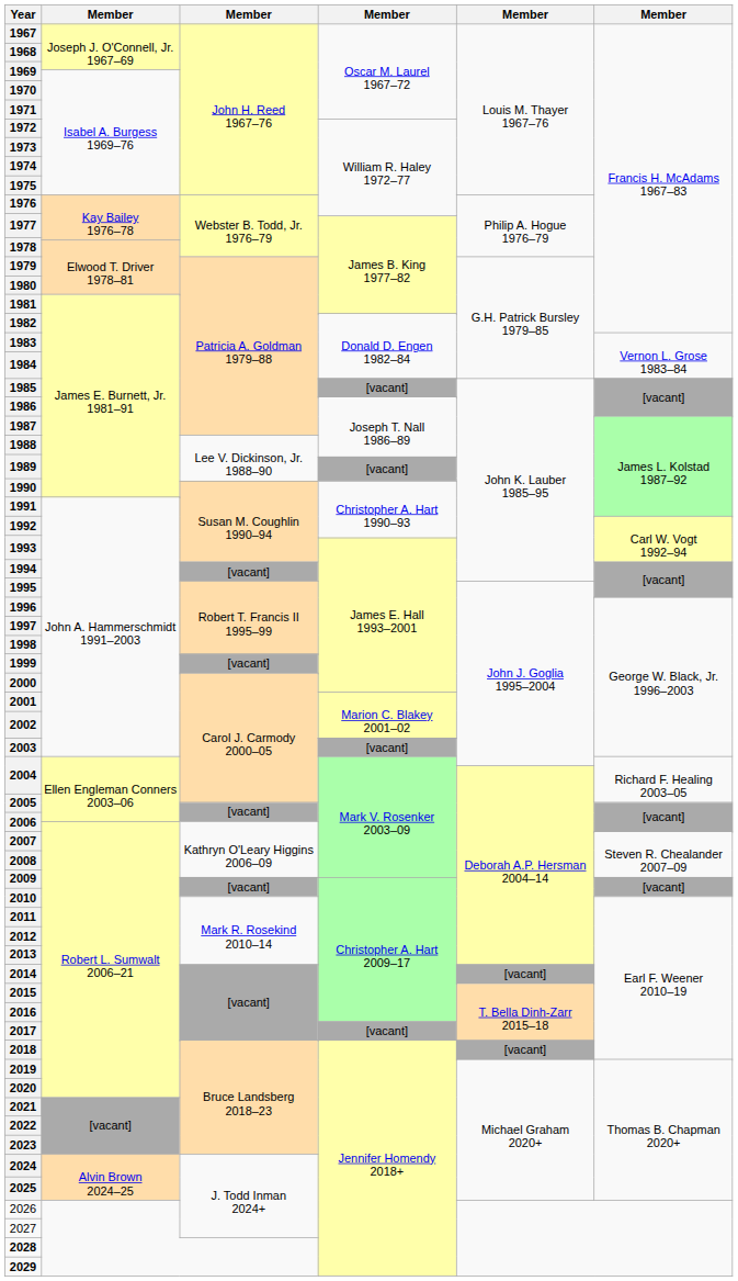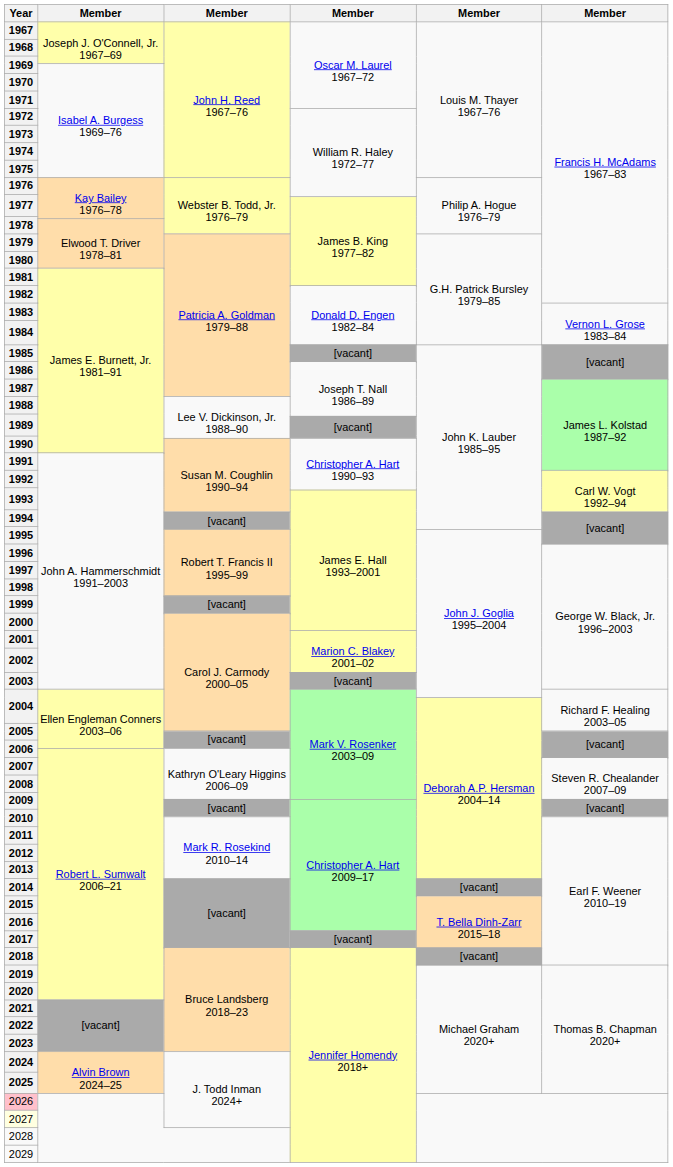 <table class="wikitable sortable mw-collapsible" style="text-align:center;font-size:90%;">
 <tr>
 <th style="width:5%;">Year</th>
 <th style="width:19%;">Member</th>
 <th style="width:19%;">Member</th>
 <th style="width:19%;">Member</th>
 <th style="width:19%;">Member</th>
 <th style="width:19%;">Member</th>
 </tr>
 <tr>
 <th>1967</th>
 <td rowspan=3 style="background:#ffa;"><br>Joseph J. O'Connell, Jr.<br>1967–69</td>
 <td rowspan=12 style="background:#ffa;"><br><a href='#'>John H. Reed</a><br>1967–76</td>
 <td rowspan=7> <br><a href='#'>Oscar M. Laurel</a><br>1967–72</td>
 <td rowspan=12> <br>Louis M. Thayer<br>1967–76</td>
 <td rowspan=25> <br><a href='#'>Francis H. McAdams</a><br>1967–83</td>
 </tr>
 <tr>
 <th>1968</th>
 </tr>
 <tr>
 <th rowspan=2>1969</th>
 </tr>
 <tr>
 <td rowspan=9><br><a href='#'>Isabel A. Burgess</a><br>1969–76</td>
 </tr>
 <tr>
 <th>1970</th>
 </tr>
 <tr>
 <th>1971</th>
 </tr>
 <tr>
 <th rowspan=2>1972</th>
 </tr>
 <tr>
 <td rowspan=7><br>William R. Haley<br>1972–77</td>
 </tr>
 <tr>
 <th>1973</th>
 </tr>
 <tr>
 <th>1974</th>
 </tr>
 <tr>
 <th>1975</th>
 </tr>
 <tr>
 <th rowspan=2>1976</th>
 </tr>
 <tr>
 <td rowspan=4 style="background:#fda;"><br> <a href='#'>Kay Bailey</a><br>1976–78</td>
 <td rowspan=6 style="background:#ffa;"><br>Webster B. Todd, Jr.<br>1976–79</td>
 <td rowspan=6><br>Philip A. Hogue<br>1976–79</td>
 </tr>
 <tr>
 <th rowspan=2>1977</th>
 </tr>
 <tr>
 <td rowspan=9 style="background:#ffa;"><br>James B. King<br>1977–82</td>
 </tr>
 <tr>
 <th rowspan=2>1978</th>
 </tr>
 <tr>
 <td rowspan=5 style="background:#fda;"><br>Elwood T. Driver<br>1978–81</td>
 </tr>
 <tr>
 <th rowspan=2>1979</th>
 </tr>
 <tr>
 <td rowspan=17 style="background:#fda;"><br><a href='#'>Patricia A. Goldman</a><br>1979–88</td>
 <td rowspan=11><br>G.H. Patrick Bursley<br>1979–85</td>
 </tr>
 <tr>
 <th>1980</th>
 </tr>
 <tr>
 <th rowspan=2>1981</th>
 </tr>
 <tr>
 <td rowspan=20 style="background:#ffa;"><br>James E. Burnett, Jr.<br>1981–91</td>
 </tr>
 <tr>
 <th rowspan=2>1982</th>
 </tr>
 <tr>
 <td rowspan=4><br><a href='#'>Donald D. Engen</a><br>1982–84</td>
 </tr>
 <tr>
 <th rowspan=2>1983</th>
 </tr>
 <tr>
 <td rowspan=2><br><a href='#'>Vernon L. Grose</a><br>1983–84</td>
 </tr>
 <tr>
 <th rowspan=2>1984</th>
 </tr>
 <tr>
 <td rowspan=4 style="background:#aaa;">[vacant]</td>
 <td rowspan=6 style="background:#aaa;">[vacant]</td>
 </tr>
 <tr>
 <th rowspan=2>1985</th>
 </tr>
 <tr>
 <td rowspan=20><br>John K. Lauber<br>1985–95</td>
 </tr>
 <tr>
 <th rowspan=2>1986</th>
 </tr>
 <tr>
 <td rowspan=6><br>Joseph T. Nall<br>1986–89</td>
 </tr>
 <tr>
 <th rowspan=2>1987</th>
 </tr>
 <tr>
 <td rowspan=10 style="background:#afa;"><br>James L. Kolstad<br>1987–92</td>
 </tr>
 <tr>
 <th rowspan=2>1988</th>
 </tr>
 <tr>
 <td rowspan=4><br>Lee V. Dickinson, Jr.<br>1988–90</td>
 </tr>
 <tr>
 <th rowspan=2>1989</th>
 </tr>
 <tr>
 <td rowspan=2 style="background:#aaa;">[vacant]</td>
 </tr>
 <tr>
 <th rowspan=2>1990</th>
 </tr>
 <tr>
 <td rowspan=8 style="background:#fda;"><br>Susan M. Coughlin<br>1990–94</td>
 <td rowspan=6><br><a href='#'>Christopher A. Hart</a><br>1990–93</td>
 </tr>
 <tr>
 <th rowspan=2>1991</th>
 </tr>
 <tr>
 <td rowspan=22><br>John A. Hammerschmidt<br>1991–2003</td>
 </tr>
 <tr>
 <th rowspan=2>1992</th>
 </tr>
 <tr>
 <td rowspan=4 style="background:#ffa;"><br>Carl W. Vogt<br>1992–94</td>
 </tr>
 <tr>
 <th rowspan=2>1993</th>
 </tr>
 <tr>
 <td rowspan=14 style="background:#ffa;"><br>James E. Hall<br>1993–2001</td>
 </tr>
 <tr>
 <th rowspan=2>1994</th>
 </tr>
 <tr>
 <td rowspan=2 style="background:#aaa;">[vacant]</td>
 <td rowspan=4 style="background:#aaa;">[vacant]</td>
 </tr>
 <tr>
 <th rowspan=2>1995</th>
 </tr>
 <tr>
 <td rowspan=6 style="background:#fda;"><br>Robert T. Francis II<br>1995–99</td>
 <td rowspan=16><br><a href='#'>John J. Goglia</a><br>1995–2004</td>
 </tr>
 <tr>
 <th rowspan=2>1996</th>
 </tr>
 <tr>
 <td rowspan=12><br>George W. Black, Jr.<br>1996–2003</td>
 </tr>
 <tr>
 <th>1997</th>
 </tr>
 <tr>
 <th>1998</th>
 </tr>
 <tr>
 <th rowspan=2>1999</th>
 </tr>
 <tr>
 <td rowspan=2 style="background:#aaa;">[vacant]</td>
 </tr>
 <tr>
 <th rowspan=2>2000</th>
 </tr>
 <tr>
 <td rowspan=10 style="background:#fda;"><br>Carol J. Carmody<br>2000–05</td>
 </tr>
 <tr>
 <th rowspan=2>2001</th>
 </tr>
 <tr>
 <td rowspan=2 style="background:#ffa;"><br><a href='#'>Marion C. Blakey</a><br>2001–02</td>
 </tr>
 <tr>
 <th rowspan=2>2002</th>
 </tr>
 <tr>
 <td rowspan=2 style="background:#aaa;">[vacant]</td>
 </tr>
 <tr>
 <th rowspan=2>2003</th>
 </tr>
 <tr>
 <td rowspan=6 style="background:#ffa;"><br>Ellen Engleman Conners<br>2003–06</td>
 <td rowspan=11 style="background:#afa;"><br><a href='#'>Mark V. Rosenker</a><br>2003–09</td>
 <td rowspan=4><br>Richard F. Healing<br>2003–05</td>
 </tr>
 <tr>
 <th rowspan=2>2004</th>
 </tr>
 <tr>
 <td rowspan=16 style="background:#ffa;"><br><a href='#'>Deborah A.P. Hersman</a><br>2004–14</td>
 </tr>
 <tr>
 <th rowspan=2>2005</th>
 </tr>
 <tr>
 <td rowspan=2 style="background:#aaa;">[vacant]</td>
 <td rowspan=4 style="background:#aaa;">[vacant]</td>
 </tr>
 <tr>
 <th rowspan=2>2006</th>
 </tr>
 <tr>
 <td rowspan=23 style= "background:#ffa;"><br><a href='#'>Robert L. Sumwalt</a><br>2006–21</td>
 <td rowspan=5><br>Kathryn O'Leary Higgins<br>2006–09</td>
 </tr>
 <tr>
 <th rowspan=2>2007</th>
 </tr>
 <tr>
 <td rowspan=3><br>Steven R. Chealander<br>2007–09</td>
 </tr>
 <tr>
 <th>2008</th>
 </tr>
 <tr>
 <th rowspan=2>2009</th>
 </tr>
 <tr>
 <td rowspan=2 style="background:#aaa;">[vacant]</td>
 <td rowspan=12 style="background:#afa;"><br><a href='#'>Christopher A. Hart</a><br>2009–17</td>
 <td rowspan=2 style="background:#aaa;">[vacant]</td>
 </tr>
 <tr>
 <th rowspan=2>2010</th>
 </tr>
 <tr>
 <td rowspan=5><br><a href='#'>Mark R. Rosekind</a><br>2010–14</td>
 <td rowspan=14><br>Earl F. Weener<br>2010–19</td>
 </tr>
 <tr>
 <th>2011</th>
 </tr>
 <tr>
 <th>2012</th>
 </tr>
 <tr>
 <th>2013</th>
 </tr>
 <tr>
 <th rowspan=2>2014</th>
 </tr>
 <tr>
 <td rowspan=7 style="background:#aaa;">[vacant]</td>
 <td rowspan=2 style="background:#aaa;">[vacant]</td>
 </tr>
 <tr>
 <th rowspan=2>2015</th>
 </tr>
 <tr>
 <td rowspan=5 style="background:#fda;"><br><a href='#'>T. Bella Dinh-Zarr</a><br>2015–18</td>
 </tr>
 <tr>
 <th>2016</th>
 </tr>
 <tr>
 <th rowspan=2>2017</th>
 </tr>
 <tr>
 <td rowspan=2 style="background:#aaa;">[vacant]</td>
 </tr>
 <tr>
 <th rowspan=2>2018</th>
 </tr>
 <tr>
 <td rowspan=7 style="background:#fda;"><br>Bruce Landsberg<br>2018–23</td>
 <td rowspan=13 style= "background:#ffa;"><br><a href='#'>Jennifer Homendy</a><br>2018+</td>
 <td rowspan=2 style="background:#aaa;">[vacant]</td>
 </tr>
 <tr>
 <th rowspan=2>2019</th>
 </tr>
 <tr>
 <td rowspan=7><br>Michael Graham<br>2020+</td>
 <td rowspan=7><br>Thomas B. Chapman<br>2020+</td>
 </tr>
 <tr>
 <th>2020</th>
 </tr>
 <tr>
 <th>2021</th>
 <td rowspan=3 style="background:#aaa;">[vacant]</td>
 </tr>
 <tr>
 <th>2022</th>
 </tr>
 <tr>
 <th>2023</th>
 </tr>
 <tr>
 <th>2024</th>
 <td rowspan=2 style="background:#fda;"><br><a href='#'>Alvin Brown</a><br>2024–25</td>
 <td rowspan=4><br>J. Todd Inman<br>2024+</td>
 </tr>
 <tr>
 <th>2025</th>
 </tr>
 <tr>
-<td>2026</td>
+<td style="background: pink;">2026</td>
 </tr>
 <tr>
-<td>2027</td>
+<td style="background: lightyellow;">2027</td>
 </tr>
 <tr>
-<td><strong>2028</strong></td>
+<td>2028</td>
 </tr>
 <tr>
-<td><strong>2029</strong></td>
+<td>2029</td>
 </tr>
 </table>
